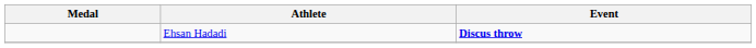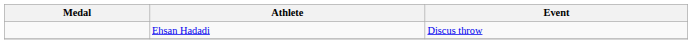 <table class="wikitable" style="font-size:90%" width=60%>
 <tr>
 <th>Medal</th>
 <th>Athlete</th>
 <th>Event</th>
 </tr>
 <tr>
 <td></td>
 <td><a href='#'>Ehsan Hadadi</a></td>
-<td><strong><a href='#'>Discus throw</a></strong></td>
+<td><a href='#'>Discus throw</a></td>
 </tr>
 <tr>
 </tr>
 </table>
